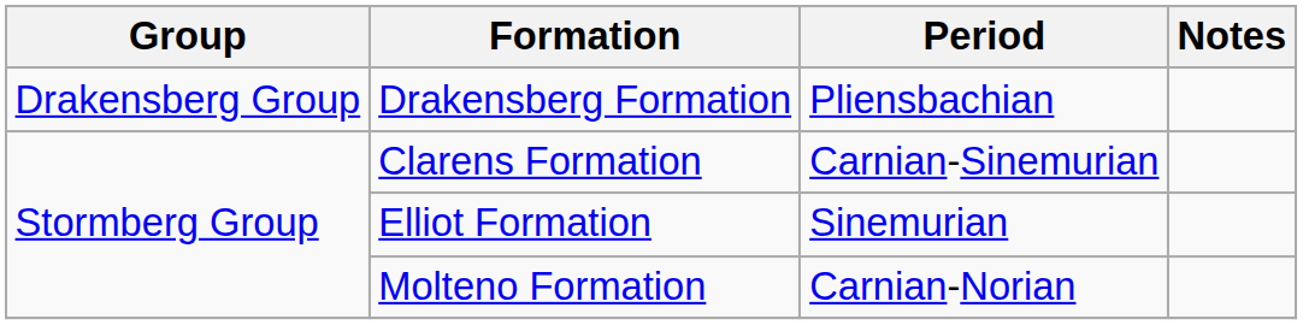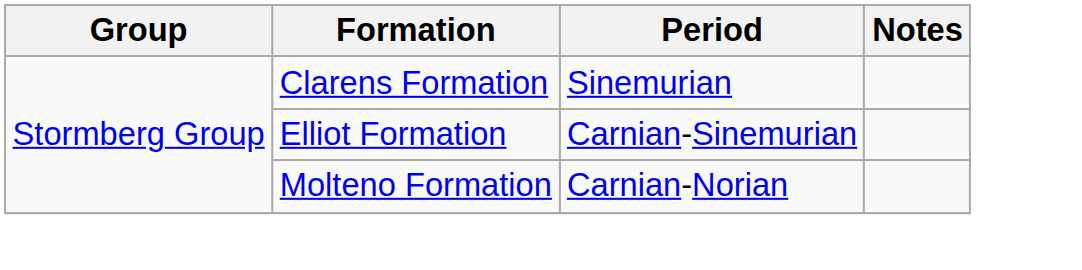 <table class="wikitable sortable">
 <tr>
 <th>Group</th>
 <th>Formation</th>
 <th>Period</th>
 <th class="unsortable">Notes</th>
 </tr>
 <tr>
-<td><a href='#'>Drakensberg Group</a></td>
-<td><a href='#'>Drakensberg Formation</a></td>
-<td style="background-color: "><a href='#'>Pliensbachian</a></td>
-<td align=center></td>
-</tr>
-<tr>
 <td rowspan=3><a href='#'>Stormberg Group</a></td>
 <td><a href='#'>Clarens Formation</a></td>
-<td style="background-color: "><a href='#'>Carnian</a>-<a href='#'>Sinemurian</a></td>
+<td style="background-color: "><a href='#'>Sinemurian</a></td>
 <td align=center></td>
 </tr>
 <tr>
 <td><a href='#'>Elliot Formation</a></td>
-<td style="background-color: "><a href='#'>Sinemurian</a></td>
+<td style="background-color: "><a href='#'>Carnian</a>-<a href='#'>Sinemurian</a></td>
 <td align=center></td>
 </tr>
 <tr>
 <td><a href='#'>Molteno Formation</a></td>
 <td style="background-color: "><a href='#'>Carnian</a>-<a href='#'>Norian</a></td>
 <td align=center></td>
 </tr>
 <tr>
 </tr>
 </table>
